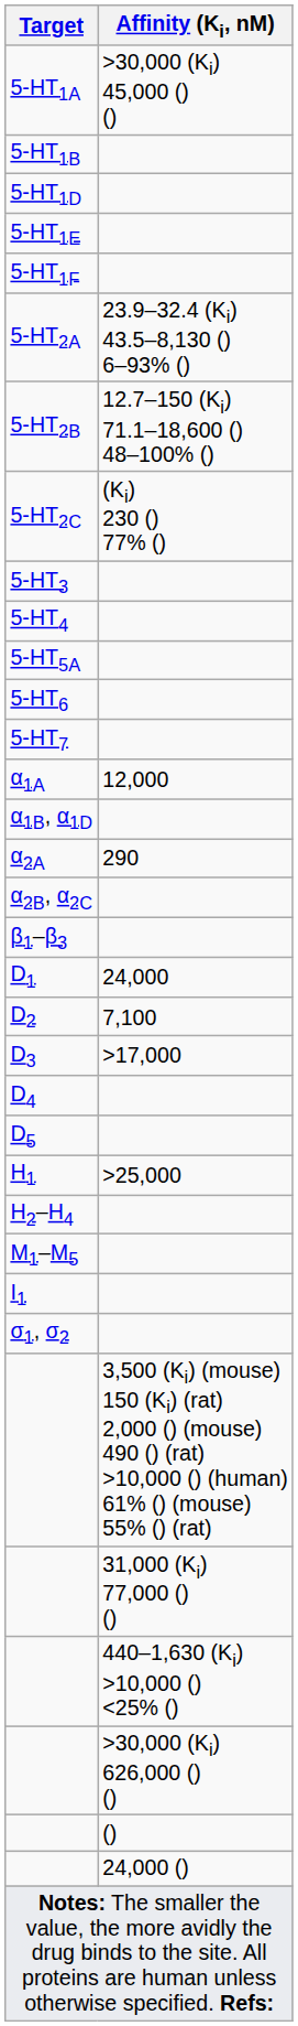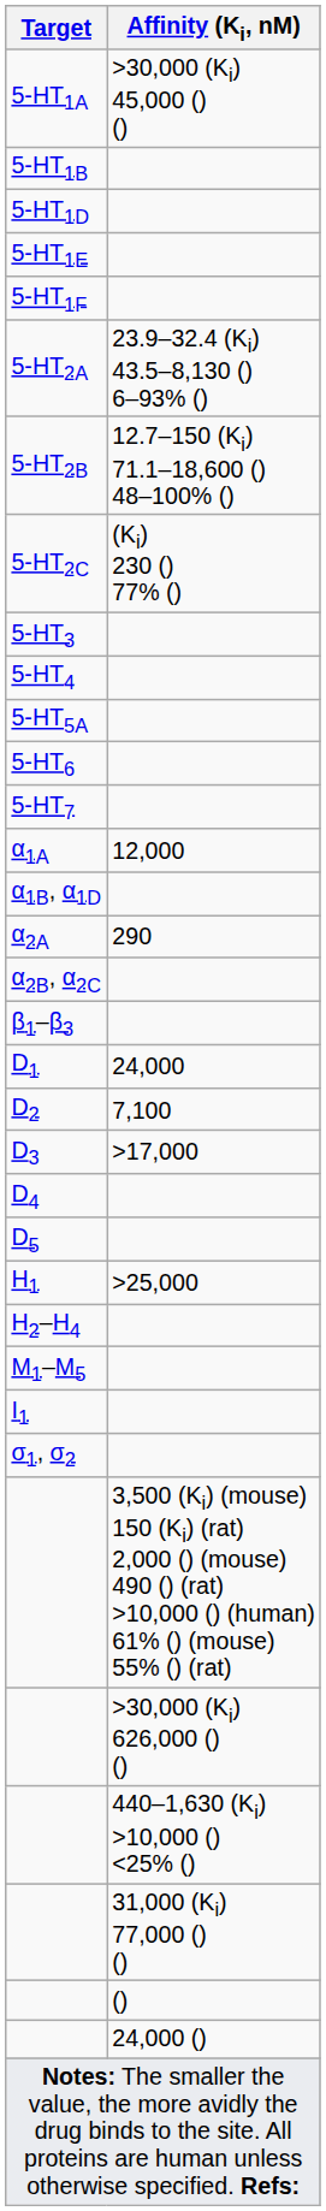 <table class="wikitable floatleft" style="font-size:small;">
 <tr>
 <th><a href='#'>Target</a></th>
 <th><a href='#'>Affinity</a> (K<sub>i</sub>, nM)</th>
 </tr>
 <tr>
 <td><a href='#'>5-HT<sub>1A</sub></a></td>
 <td>>30,000 (K<sub>i</sub>)<br>45,000 ()<br> ()</td>
 </tr>
 <tr>
 <td><a href='#'>5-HT<sub>1B</sub></a></td>
 <td></td>
 </tr>
 <tr>
 <td><a href='#'>5-HT<sub>1D</sub></a></td>
 <td></td>
 </tr>
 <tr>
 <td><a href='#'>5-HT<sub>1E</sub></a></td>
 <td></td>
 </tr>
 <tr>
 <td><a href='#'>5-HT<sub>1F</sub></a></td>
 <td></td>
 </tr>
 <tr>
 <td><a href='#'>5-HT<sub>2A</sub></a></td>
 <td>23.9–32.4 (K<sub>i</sub>)<br>43.5–8,130 ()<br>6–93% ()</td>
 </tr>
 <tr>
 <td><a href='#'>5-HT<sub>2B</sub></a></td>
 <td>12.7–150 (K<sub>i</sub>)<br>71.1–18,600 ()<br>48–100% ()</td>
 </tr>
 <tr>
 <td><a href='#'>5-HT<sub>2C</sub></a></td>
 <td> (K<sub>i</sub>)<br>230 ()<br>77% ()</td>
 </tr>
 <tr>
 <td><a href='#'>5-HT<sub>3</sub></a></td>
 <td></td>
 </tr>
 <tr>
 <td><a href='#'>5-HT<sub>4</sub></a></td>
 <td></td>
 </tr>
 <tr>
 <td><a href='#'>5-HT<sub>5A</sub></a></td>
 <td></td>
 </tr>
 <tr>
 <td><a href='#'>5-HT<sub>6</sub></a></td>
 <td></td>
 </tr>
 <tr>
 <td><a href='#'>5-HT<sub>7</sub></a></td>
 <td></td>
 </tr>
 <tr>
 <td><a href='#'>α<sub>1A</sub></a></td>
 <td>12,000</td>
 </tr>
 <tr>
 <td><a href='#'>α<sub>1B</sub></a>, <a href='#'>α<sub>1D</sub></a></td>
 <td></td>
 </tr>
 <tr>
 <td><a href='#'>α<sub>2A</sub></a></td>
 <td>290</td>
 </tr>
 <tr>
 <td><a href='#'>α<sub>2B</sub></a>, <a href='#'>α<sub>2C</sub></a></td>
 <td></td>
 </tr>
 <tr>
 <td><a href='#'>β<sub>1</sub></a>–<a href='#'>β<sub>3</sub></a></td>
 <td></td>
 </tr>
 <tr>
 <td><a href='#'>D<sub>1</sub></a></td>
 <td>24,000</td>
 </tr>
 <tr>
 <td><a href='#'>D<sub>2</sub></a></td>
 <td>7,100</td>
 </tr>
 <tr>
 <td><a href='#'>D<sub>3</sub></a></td>
 <td>>17,000</td>
 </tr>
 <tr>
 <td><a href='#'>D<sub>4</sub></a></td>
 <td></td>
 </tr>
 <tr>
 <td><a href='#'>D<sub>5</sub></a></td>
 <td></td>
 </tr>
 <tr>
 <td><a href='#'>H<sub>1</sub></a></td>
 <td>>25,000</td>
 </tr>
 <tr>
 <td><a href='#'>H<sub>2</sub></a>–<a href='#'>H<sub>4</sub></a></td>
 <td></td>
 </tr>
 <tr>
 <td><a href='#'>M<sub>1</sub></a>–<a href='#'>M<sub>5</sub></a></td>
 <td></td>
 </tr>
 <tr>
 <td><a href='#'>I<sub>1</sub></a></td>
 <td></td>
 </tr>
 <tr>
 <td><a href='#'>σ<sub>1</sub></a>, <a href='#'>σ<sub>2</sub></a></td>
 <td></td>
 </tr>
 <tr>
 <td></td>
 <td>3,500 (K<sub>i</sub>) (mouse)<br>150 (K<sub>i</sub>) (rat)<br>2,000 () (mouse)<br>490 () (rat)<br>>10,000 () (human)<br>61% () (mouse)<br>55% () (rat)</td>
 </tr>
 <tr>
 <td></td>
-<td>31,000 (K<sub>i</sub>)<br>77,000 ()<br> ()</td>
+<td>>30,000 (K<sub>i</sub>)<br>626,000 ()<br> ()</td>
 </tr>
 <tr>
 <td></td>
 <td>440–1,630 (K<sub>i</sub>)<br>>10,000 ()<br><25% ()</td>
 </tr>
 <tr>
 <td></td>
-<td>>30,000 (K<sub>i</sub>)<br>626,000 ()<br> ()</td>
+<td>31,000 (K<sub>i</sub>)<br>77,000 ()<br> ()</td>
 </tr>
 <tr>
 <td></td>
 <td> ()</td>
 </tr>
 <tr>
 <td></td>
 <td>24,000 ()</td>
 </tr>
 <tr class="sortbottom">
 <td colspan="2" style="width: 1px; background-color:#eaecf0; text-align: center;"><strong>Notes:</strong> The smaller the value, the more avidly the drug binds to the site. All proteins are human unless otherwise specified. <strong>Refs:</strong> </td>
 </tr>
 </table>
